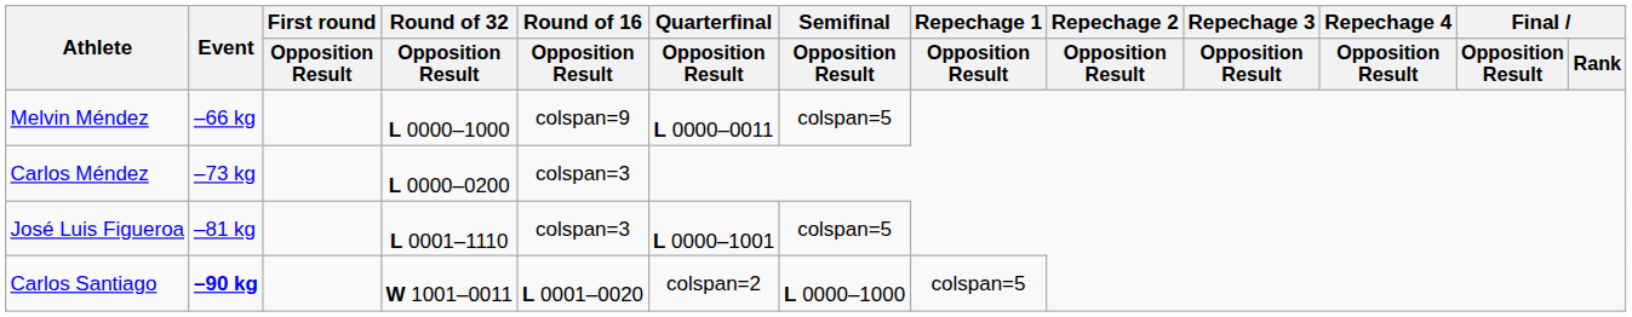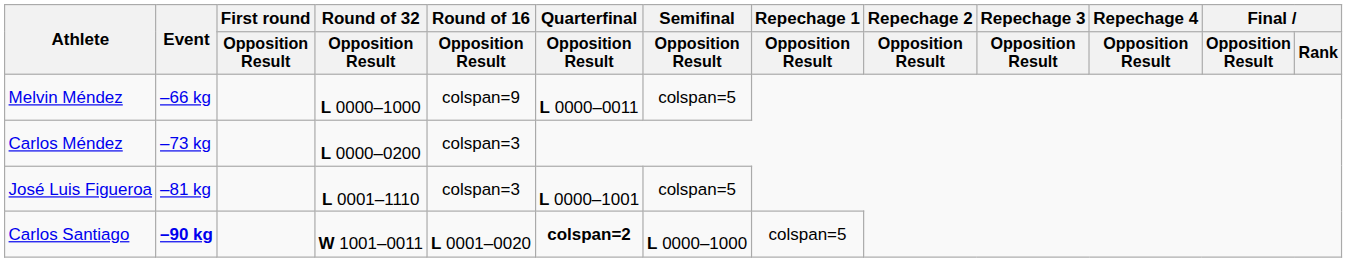 <table class=wikitable style=font-size:90%;text-align:center>
 <tr>
 <th rowspan=2>Athlete</th>
 <th rowspan=2>Event</th>
 <th>First round</th>
 <th>Round of 32</th>
 <th>Round of 16</th>
 <th>Quarterfinal</th>
 <th>Semifinal</th>
 <th>Repechage 1</th>
 <th>Repechage 2</th>
 <th>Repechage 3</th>
 <th>Repechage 4</th>
 <th colspan=2>Final / </th>
 </tr>
 <tr style=font-size:95%>
 <th>Opposition<br>Result</th>
 <th>Opposition<br>Result</th>
 <th>Opposition<br>Result</th>
 <th>Opposition<br>Result</th>
 <th>Opposition<br>Result</th>
 <th>Opposition<br>Result</th>
 <th>Opposition<br>Result</th>
 <th>Opposition<br>Result</th>
 <th>Opposition<br>Result</th>
 <th>Opposition<br>Result</th>
 <th>Rank</th>
 </tr>
 <tr>
 <td align=left><a href='#'>Melvin Méndez</a></td>
 <td align=left><a href='#'>–66 kg</a></td>
 <td></td>
 <td><br><strong>L</strong> 0000–1000</td>
 <td>colspan=9 </td>
 <td><br><strong>L</strong> 0000–0011</td>
 <td>colspan=5 </td>
 </tr>
 <tr>
 <td align=left><a href='#'>Carlos Méndez</a></td>
 <td align=left><a href='#'>–73 kg</a></td>
 <td></td>
 <td><br><strong>L</strong> 0000–0200</td>
 <td>colspan=3 </td>
 </tr>
 <tr>
 <td align=left><a href='#'>José Luis Figueroa</a></td>
 <td align=left><a href='#'>–81 kg</a></td>
 <td></td>
 <td><br><strong>L</strong> 0001–1110</td>
 <td>colspan=3 </td>
 <td><br><strong>L</strong> 0000–1001</td>
 <td>colspan=5 </td>
 </tr>
 <tr>
 <td align=left><a href='#'>Carlos Santiago</a></td>
 <td align=left><strong><a href='#'>–90 kg</a></strong></td>
 <td></td>
 <td><br><strong>W</strong> 1001–0011</td>
 <td><br><strong>L</strong> 0001–0020</td>
-<td>colspan=2 </td>
+<td><strong>colspan=2 </strong></td>
 <td><br><strong>L</strong> 0000–1000</td>
 <td>colspan=5 </td>
 </tr>
 </table>
